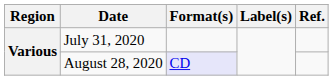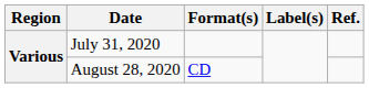 <table class="wikitable plainrowheaders">
 <tr>
 <th scope="col">Region</th>
 <th scope="col">Date</th>
 <th scope="col">Format(s)</th>
 <th scope="col">Label(s)</th>
 <th scope="col">Ref.</th>
 </tr>
 <tr>
 <th scope="row" rowspan="2">Various</th>
 <td>July 31, 2020</td>
 <td></td>
 <td rowspan="2"></td>
 <td></td>
 </tr>
 <tr>
 <td>August 28, 2020</td>
-<td style="background: lavender;"><a href='#'>CD</a></td>
+<td><a href='#'>CD</a></td>
 <td></td>
 </tr>
 </table>
